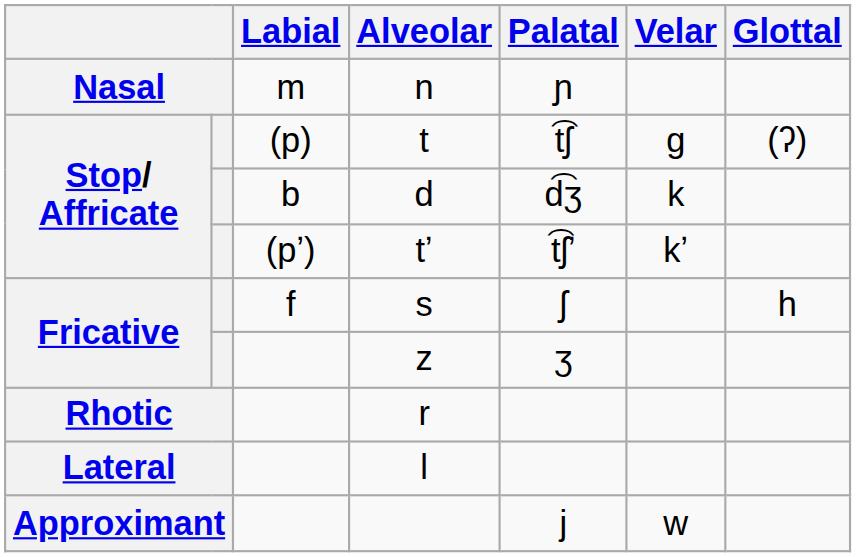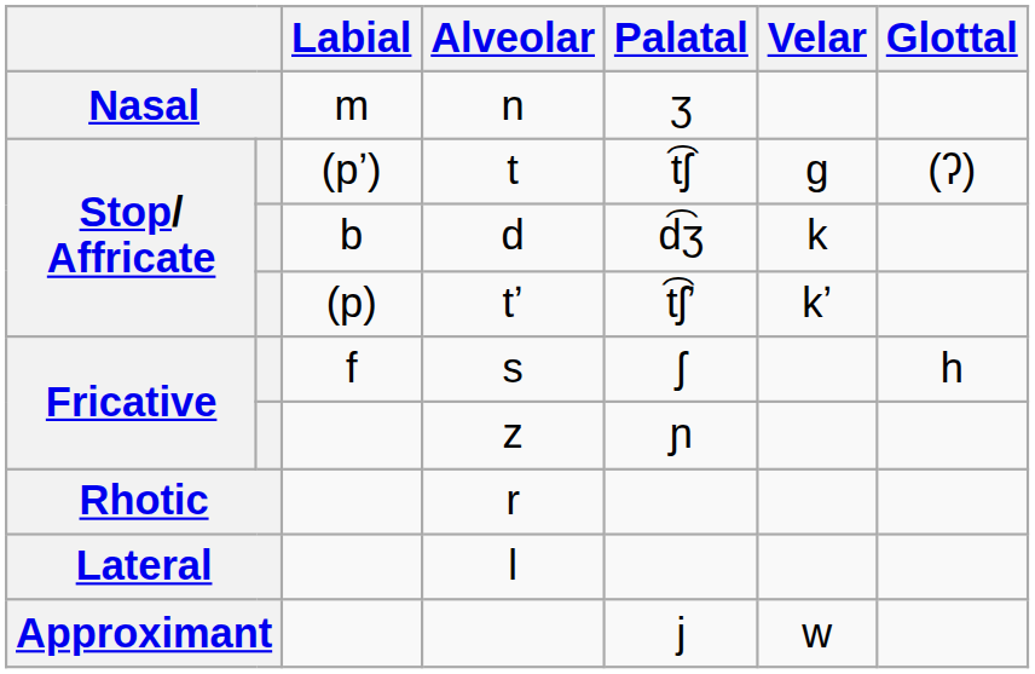 <table class="wikitable" style="text-align:center">
 <tr>
 <th colspan="2"></th>
 <th><a href='#'>Labial</a></th>
 <th><a href='#'>Alveolar</a></th>
 <th><a href='#'>Palatal</a></th>
 <th><a href='#'>Velar</a></th>
 <th><a href='#'>Glottal</a></th>
 </tr>
 <tr>
 <th colspan="2"><a href='#'>Nasal</a></th>
 <td>m</td>
 <td>n</td>
-<td>ɲ</td>
+<td>ʒ</td>
 <td></td>
 <td></td>
 </tr>
 <tr>
 <th rowspan="3"><a href='#'>Stop</a>/<br><a href='#'>Affricate</a></th>
 <th></th>
-<td>(p)</td>
+<td>(pʼ)</td>
 <td>t</td>
 <td>t͡ʃ</td>
 <td>g</td>
 <td>(ʔ)</td>
 </tr>
 <tr>
 <th></th>
 <td>b</td>
 <td>d</td>
 <td>d͡ʒ</td>
 <td>k</td>
 <td></td>
 </tr>
 <tr>
 <th></th>
-<td>(pʼ)</td>
+<td>(p)</td>
 <td>tʼ</td>
 <td>t͡ʃʼ</td>
 <td>kʼ</td>
 <td></td>
 </tr>
 <tr>
 <th rowspan="2"><a href='#'>Fricative</a></th>
 <th></th>
 <td>f</td>
 <td>s</td>
 <td>ʃ</td>
 <td></td>
 <td>h</td>
 </tr>
 <tr>
 <th></th>
 <td></td>
 <td>z</td>
-<td>ʒ</td>
+<td>ɲ</td>
 <td></td>
 <td></td>
 </tr>
 <tr>
 <th colspan="2"><a href='#'>Rhotic</a></th>
 <td></td>
 <td>r</td>
 <td></td>
 <td></td>
 <td></td>
 </tr>
 <tr>
 <th colspan="2"><a href='#'>Lateral</a></th>
 <td></td>
 <td>l</td>
 <td></td>
 <td></td>
 <td></td>
 </tr>
 <tr>
 <th colspan="2"><a href='#'>Approximant</a></th>
 <td></td>
 <td></td>
 <td>j</td>
 <td>w</td>
 <td></td>
 </tr>
 </table>
